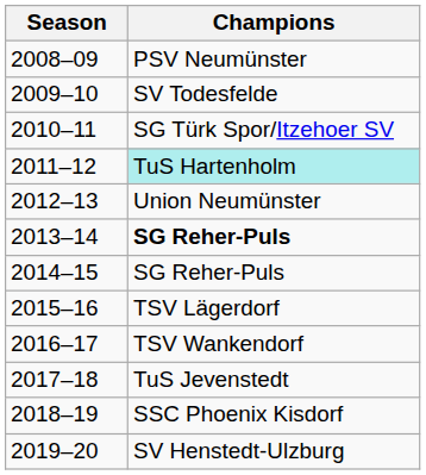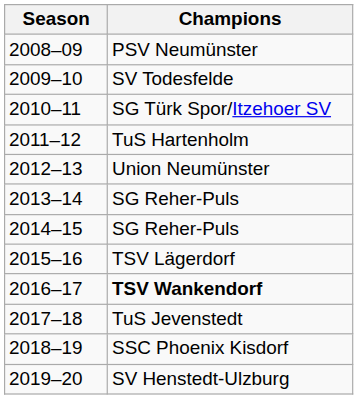 <table class="wikitable">
 <tr align="center" bgcolor="#dfdfdf">
 <th width="80">Season</th>
 <th width="200">Champions</th>
 </tr>
 <tr>
 <td>2008–09</td>
 <td>PSV Neumünster</td>
 </tr>
 <tr>
 <td>2009–10</td>
 <td>SV Todesfelde</td>
 </tr>
 <tr>
 <td>2010–11</td>
 <td>SG Türk Spor/<a href='#'>Itzehoer SV</a></td>
 </tr>
 <tr>
 <td>2011–12</td>
-<td style="background: paleturquoise;">TuS Hartenholm</td>
+<td>TuS Hartenholm</td>
 </tr>
 <tr>
 <td>2012–13</td>
 <td>Union Neumünster</td>
 </tr>
 <tr>
 <td>2013–14</td>
-<td><strong>SG Reher-Puls</strong></td>
+<td>SG Reher-Puls</td>
 </tr>
 <tr>
 <td>2014–15</td>
 <td>SG Reher-Puls</td>
 </tr>
 <tr>
 <td>2015–16</td>
 <td>TSV Lägerdorf</td>
 </tr>
 <tr>
 <td>2016–17</td>
-<td>TSV Wankendorf</td>
+<td><strong>TSV Wankendorf</strong></td>
 </tr>
 <tr>
 <td>2017–18</td>
 <td>TuS Jevenstedt</td>
 </tr>
 <tr>
 <td>2018–19</td>
 <td>SSC Phoenix Kisdorf</td>
 </tr>
 <tr>
 <td>2019–20</td>
 <td>SV Henstedt-Ulzburg</td>
 </tr>
 </table>
